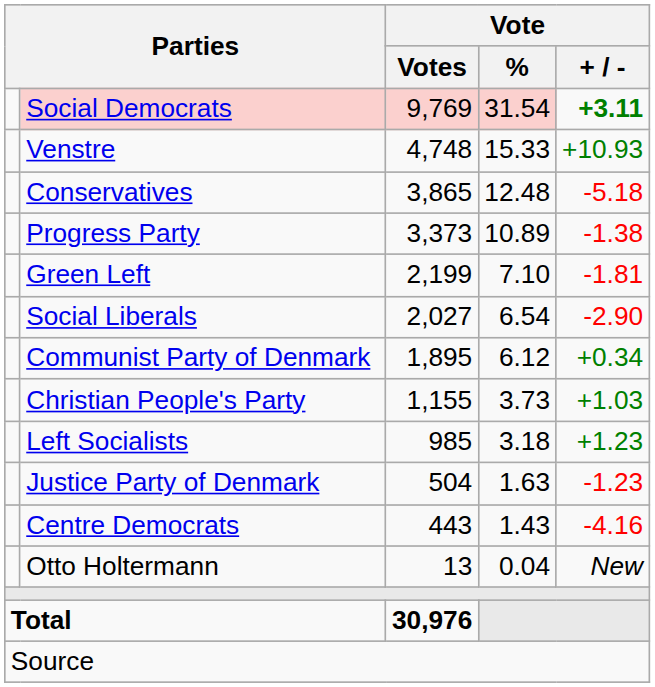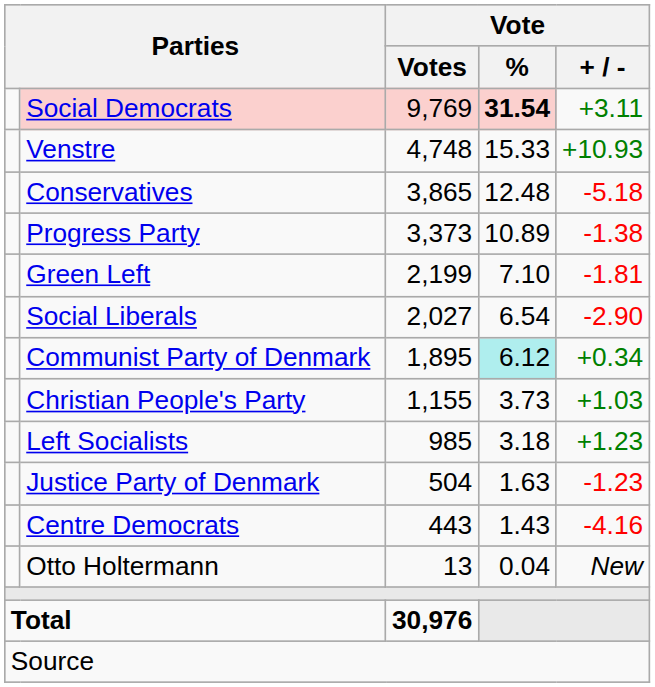 <table class="wikitable" style="text-align:right;">
 <tr>
 <th style="text-align:centre;" rowspan="2" colspan="2" width="225">Parties</th>
 <th colspan="3">Vote</th>
 </tr>
 <tr>
 <th width="15">Votes</th>
 <th width="15">%</th>
 <th width="15">+ / -</th>
 </tr>
 <tr>
 <td width="2" style="color:inherit;background:"></td>
 <td bgcolor=#fbd0ce  align="left"><a href='#'>Social Democrats</a></td>
 <td bgcolor=#fbd0ce>9,769</td>
-<td bgcolor=#fbd0ce>31.54</td>
-<td style=color:green;><strong>+3.11</strong></td>
+<td bgcolor=#fbd0ce><strong>31.54</strong></td>
+<td style=color:green;>+3.11</td>
 </tr>
 <tr>
 <td width="2" style="color:inherit;background:"></td>
 <td align="left"><a href='#'>Venstre</a></td>
 <td>4,748</td>
 <td>15.33</td>
 <td style=color:green;>+10.93</td>
 </tr>
 <tr>
 <td width="2" style="color:inherit;background:"></td>
 <td align="left"><a href='#'>Conservatives</a></td>
 <td>3,865</td>
 <td>12.48</td>
 <td style=color:red;>-5.18</td>
 </tr>
 <tr>
 <td width="2" style="color:inherit;background:"></td>
 <td align="left"><a href='#'>Progress Party</a></td>
 <td>3,373</td>
 <td>10.89</td>
 <td style=color:red;>-1.38</td>
 </tr>
 <tr>
 <td width="2" style="color:inherit;background:"></td>
 <td align="left"><a href='#'>Green Left</a></td>
 <td>2,199</td>
 <td>7.10</td>
 <td style=color:red;>-1.81</td>
 </tr>
 <tr>
 <td width="2" style="color:inherit;background:"></td>
 <td align="left"><a href='#'>Social Liberals</a></td>
 <td>2,027</td>
 <td>6.54</td>
 <td style=color:red;>-2.90</td>
 </tr>
 <tr>
 <td width="2" style="color:inherit;background:"></td>
 <td align="left"><a href='#'>Communist Party of Denmark</a></td>
 <td>1,895</td>
-<td>6.12</td>
+<td style="background: paleturquoise;">6.12</td>
 <td style=color:green;>+0.34</td>
 </tr>
 <tr>
 <td width="2" style="color:inherit;background:"></td>
 <td align="left"><a href='#'>Christian People's Party</a></td>
 <td>1,155</td>
 <td>3.73</td>
 <td style=color:green;>+1.03</td>
 </tr>
 <tr>
 <td width="2" style="color:inherit;background:"></td>
 <td align="left"><a href='#'>Left Socialists</a></td>
 <td>985</td>
 <td>3.18</td>
 <td style=color:green;>+1.23</td>
 </tr>
 <tr>
 <td width="2" style="color:inherit;background:"></td>
 <td align="left"><a href='#'>Justice Party of Denmark</a></td>
 <td>504</td>
 <td>1.63</td>
 <td style=color:red;>-1.23</td>
 </tr>
 <tr>
 <td width="2" style="color:inherit;background:"></td>
 <td align="left"><a href='#'>Centre Democrats</a></td>
 <td>443</td>
 <td>1.43</td>
 <td style=color:red;>-4.16</td>
 </tr>
 <tr>
 <td width="2" style="color:inherit;background:"></td>
 <td align="left">Otto Holtermann</td>
 <td>13</td>
 <td>0.04</td>
 <td><em>New</em></td>
 </tr>
 <tr>
 <td colspan="7" bgcolor="#E9E9E9"></td>
 </tr>
 <tr>
 <td align="left" colspan="2"><strong>Total</strong></td>
 <td><strong>30,976</strong></td>
 <td bgcolor="#E9E9E9" colspan="2"></td>
 </tr>
 <tr>
 <td align="left" colspan="6">Source</td>
 </tr>
 </table>
